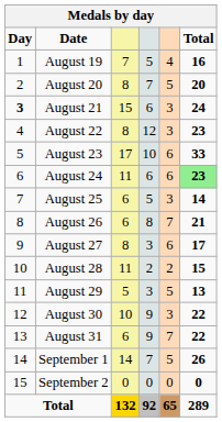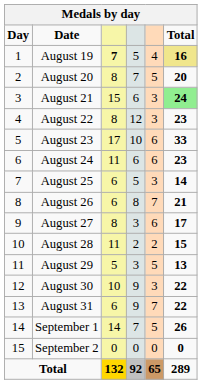 <table class=wikitable style="font-size:85%; text-align:center;float:right;clear:right;margin-left:1em;">
 <tr>
 <th colspan=7>Medals by day</th>
 </tr>
 <tr>
 <td><strong>Day</strong></td>
 <td><strong>Date</strong></td>
 <td bgcolor=F7F6A8></td>
 <td bgcolor=DCE5E5></td>
 <td bgcolor=FFDAB9></td>
 <td><strong>Total</strong></td>
 </tr>
 <tr>
 <td>1</td>
 <td>August 19</td>
-<td bgcolor=F7F6A8>7</td>
+<td bgcolor=F7F6A8><strong>7</strong></td>
 <td bgcolor=DCE5E5>5</td>
 <td bgcolor=FFDAB9>4</td>
-<td><strong>16</strong></td>
+<td style="background: khaki;"><strong>16</strong></td>
 </tr>
 <tr>
 <td>2</td>
 <td>August 20</td>
 <td bgcolor=F7F6A8>8</td>
 <td bgcolor=DCE5E5>7</td>
 <td bgcolor=FFDAB9>5</td>
 <td><strong>20</strong></td>
 </tr>
 <tr>
-<td><strong>3</strong></td>
+<td>3</td>
 <td>August 21</td>
 <td bgcolor=F7F6A8>15</td>
 <td bgcolor=DCE5E5>6</td>
 <td bgcolor=FFDAB9>3</td>
-<td><strong>24</strong></td>
+<td style="background: lightgreen;"><strong>24</strong></td>
 </tr>
 <tr>
 <td>4</td>
 <td>August 22</td>
 <td bgcolor=F7F6A8>8</td>
 <td bgcolor=DCE5E5>12</td>
 <td bgcolor=FFDAB9>3</td>
 <td><strong>23</strong></td>
 </tr>
 <tr>
 <td>5</td>
 <td>August 23</td>
 <td bgcolor=F7F6A8>17</td>
 <td bgcolor=DCE5E5>10</td>
 <td bgcolor=FFDAB9>6</td>
 <td><strong>33</strong></td>
 </tr>
 <tr>
 <td>6</td>
 <td>August 24</td>
 <td bgcolor=F7F6A8>11</td>
 <td bgcolor=DCE5E5>6</td>
 <td bgcolor=FFDAB9>6</td>
-<td style="background: lightgreen;"><strong>23</strong></td>
+<td><strong>23</strong></td>
 </tr>
 <tr>
 <td>7</td>
 <td>August 25</td>
 <td bgcolor=F7F6A8>6</td>
 <td bgcolor=DCE5E5>5</td>
 <td bgcolor=FFDAB9>3</td>
 <td><strong>14</strong></td>
 </tr>
 <tr>
 <td>8</td>
 <td>August 26</td>
 <td bgcolor=F7F6A8>6</td>
 <td bgcolor=DCE5E5>8</td>
 <td bgcolor=FFDAB9>7</td>
 <td><strong>21</strong></td>
 </tr>
 <tr>
 <td>9</td>
 <td>August 27</td>
 <td bgcolor=F7F6A8>8</td>
 <td bgcolor=DCE5E5>3</td>
 <td bgcolor=FFDAB9>6</td>
 <td><strong>17</strong></td>
 </tr>
 <tr>
 <td>10</td>
 <td>August 28</td>
 <td bgcolor=F7F6A8>11</td>
 <td bgcolor=DCE5E5>2</td>
 <td bgcolor=FFDAB9>2</td>
 <td><strong>15</strong></td>
 </tr>
 <tr>
 <td>11</td>
 <td>August 29</td>
 <td bgcolor=F7F6A8>5</td>
 <td bgcolor=DCE5E5>3</td>
 <td bgcolor=FFDAB9>5</td>
 <td><strong>13</strong></td>
 </tr>
 <tr>
 <td>12</td>
 <td>August 30</td>
 <td bgcolor=F7F6A8>10</td>
 <td bgcolor=DCE5E5>9</td>
 <td bgcolor=FFDAB9>3</td>
 <td><strong>22</strong></td>
 </tr>
 <tr>
 <td>13</td>
 <td>August 31</td>
 <td bgcolor=F7F6A8>6</td>
 <td bgcolor=DCE5E5>9</td>
 <td bgcolor=FFDAB9>7</td>
 <td><strong>22</strong></td>
 </tr>
 <tr>
 <td>14</td>
 <td>September 1</td>
 <td bgcolor=F7F6A8>14</td>
 <td bgcolor=DCE5E5>7</td>
 <td bgcolor=FFDAB9>5</td>
 <td><strong>26</strong></td>
 </tr>
 <tr>
 <td>15</td>
 <td>September 2</td>
 <td bgcolor=F7F6A8>0</td>
 <td bgcolor=DCE5E5>0</td>
 <td bgcolor=FFDAB9>0</td>
 <td><strong>0</strong></td>
 </tr>
 <tr>
 <td colspan=2><strong>Total</strong></td>
 <td style="background:gold;"><strong>132</strong></td>
 <td style="background:silver;"><strong>92</strong></td>
 <td style="background:#c96;"><strong>65</strong></td>
 <td><strong>289</strong></td>
 </tr>
 </table>
